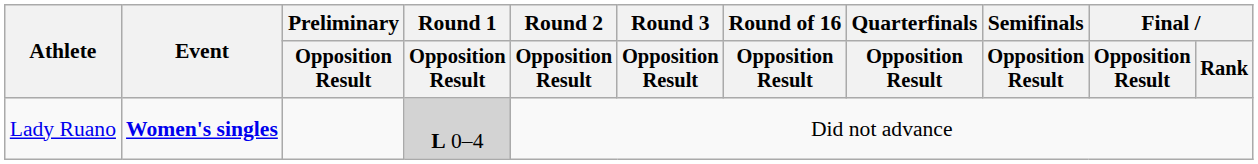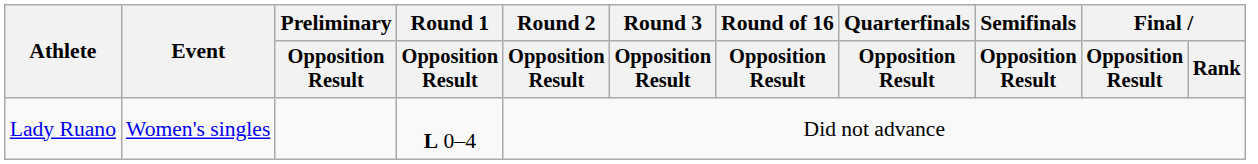 <table class="wikitable" style="font-size:90%;">
 <tr>
 <th rowspan=2>Athlete</th>
 <th rowspan=2>Event</th>
 <th>Preliminary</th>
 <th>Round 1</th>
 <th>Round 2</th>
 <th>Round 3</th>
 <th>Round of 16</th>
 <th>Quarterfinals</th>
 <th>Semifinals</th>
 <th colspan=2>Final / </th>
 </tr>
 <tr style="font-size:95%">
 <th>Opposition<br>Result</th>
 <th>Opposition<br>Result</th>
 <th>Opposition<br>Result</th>
 <th>Opposition<br>Result</th>
 <th>Opposition<br>Result</th>
 <th>Opposition<br>Result</th>
 <th>Opposition<br>Result</th>
 <th>Opposition<br>Result</th>
 <th>Rank</th>
 </tr>
 <tr align=center>
 <td align=left><a href='#'>Lady Ruano</a></td>
-<td align=left><strong><a href='#'>Women's singles</a></strong></td>
+<td align=left><a href='#'>Women's singles</a></td>
 <td></td>
-<td style="background: lightgrey;"><br><strong>L</strong> 0–4</td>
+<td><br><strong>L</strong> 0–4</td>
 <td colspan=7>Did not advance</td>
 </tr>
 </table>
